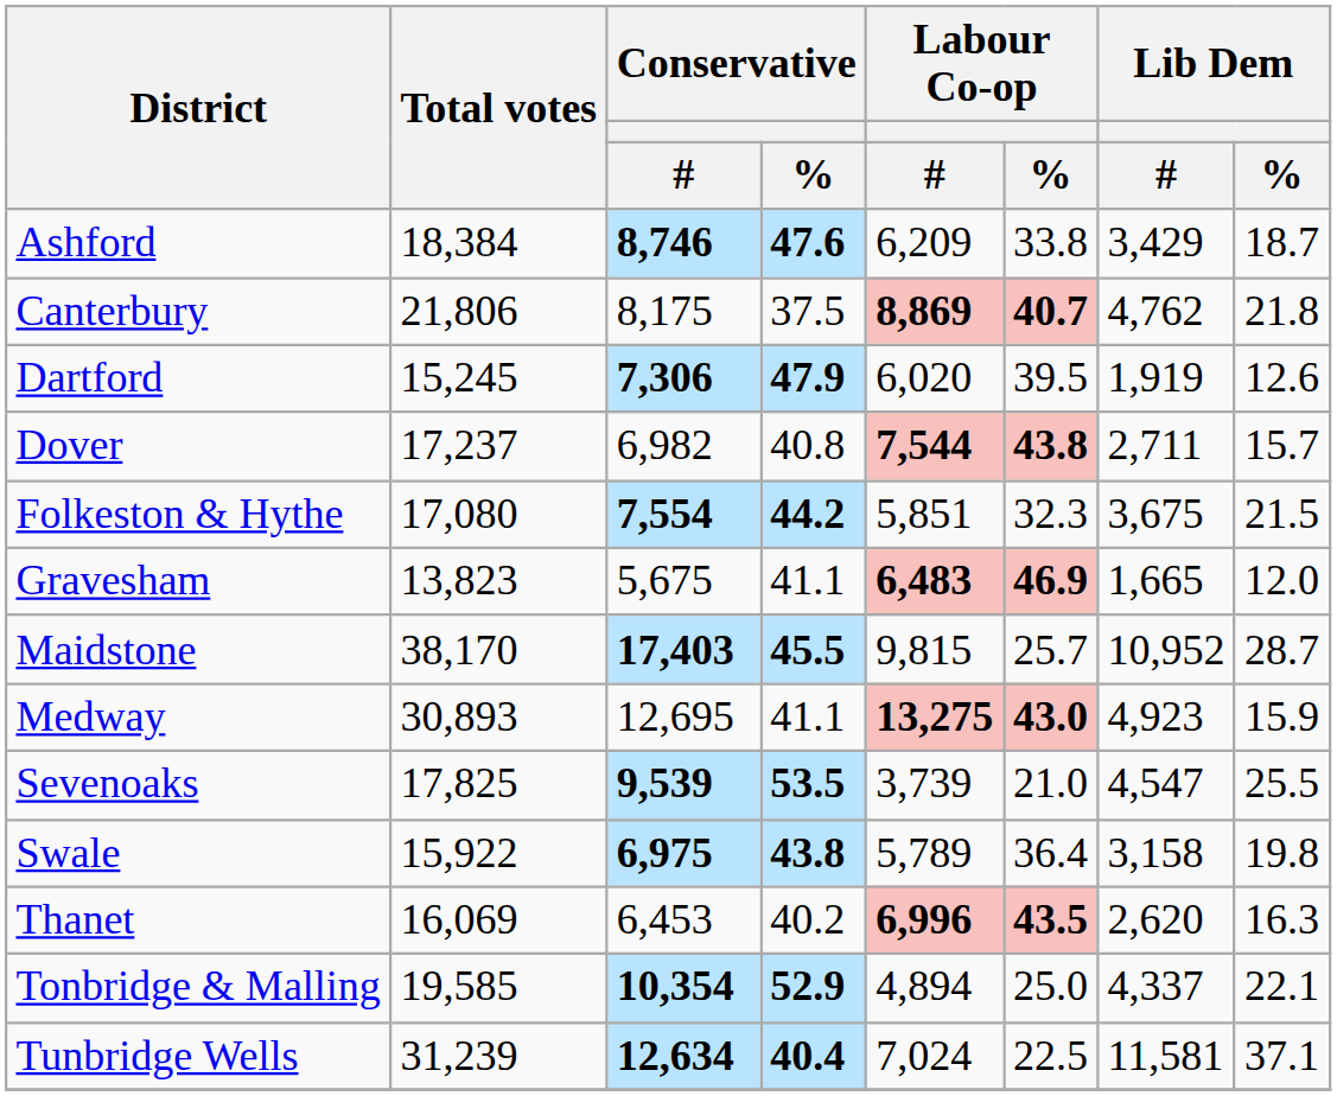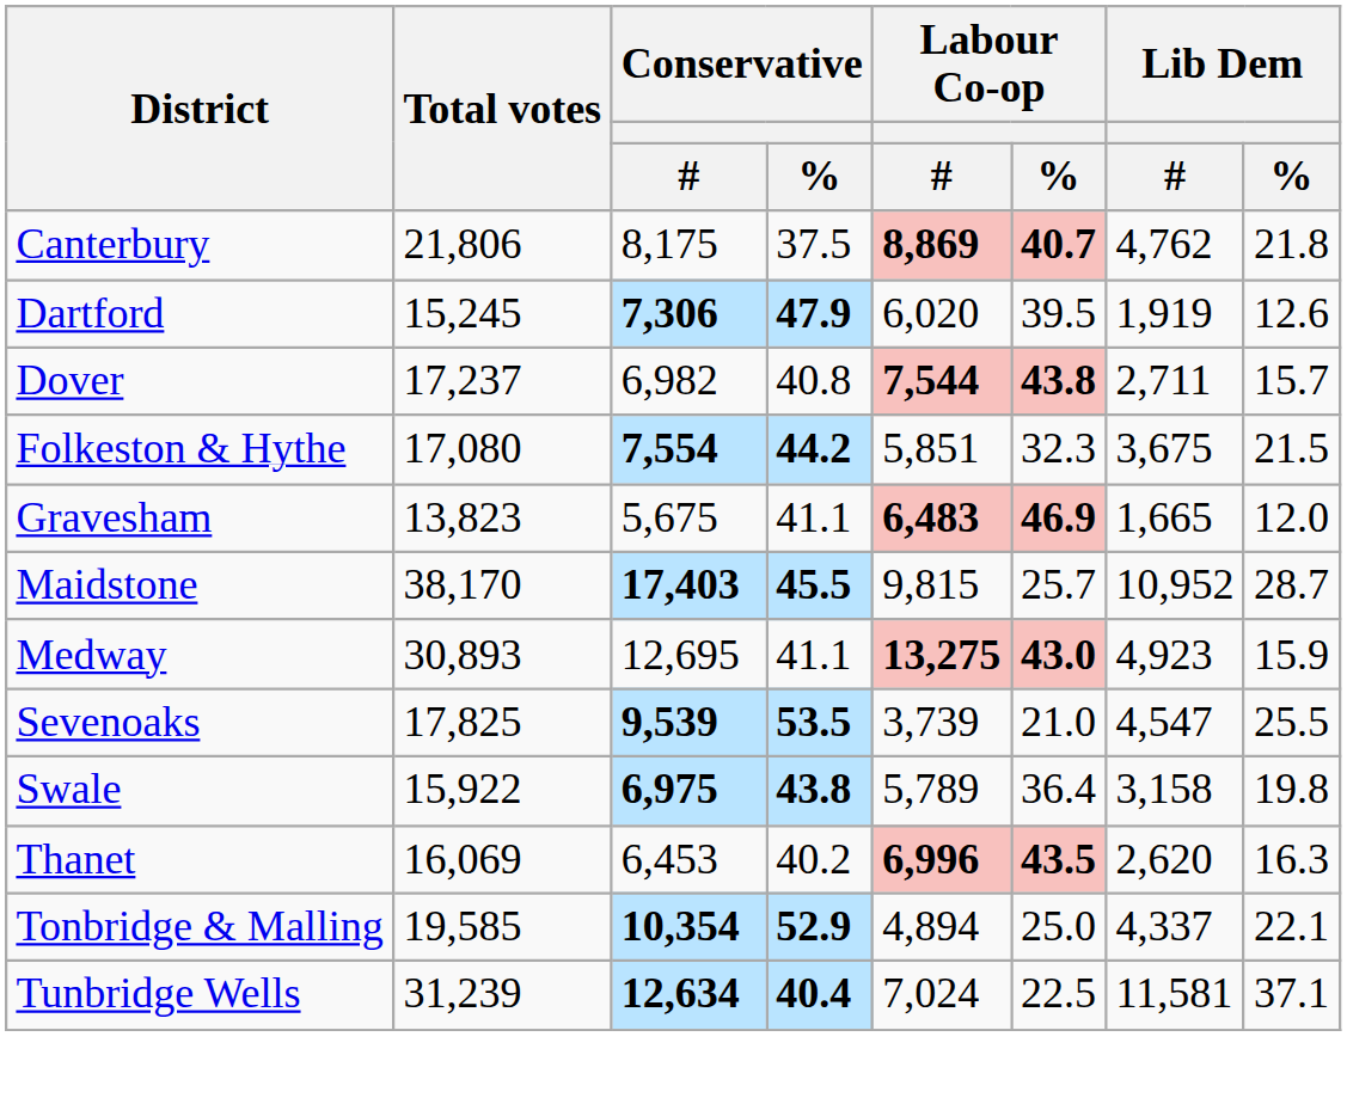 <table class="wikitable sortable">
 <tr>
 <th rowspan=3>District</th>
 <th rowspan=3>Total votes</th>
 <th colspan="2">Conservative</th>
 <th colspan="2">Labour<br>Co-op</th>
 <th colspan="2">Lib Dem</th>
 </tr>
 <tr>
 <th colspan="2" style="background:"></th>
 <th colspan="2" style="background:"></th>
 <th colspan="2" style="background:"></th>
 </tr>
 <tr>
 <th>#</th>
 <th>%</th>
 <th>#</th>
 <th>%</th>
 <th>#</th>
 <th>%</th>
-</tr>
-<tr>
-<td><a href='#'>Ashford</a></td>
-<td>18,384</td>
-<td style="background:#B9E4FF;"><strong>8,746</strong></td>
-<td style="background:#B9E4FF;"><strong>47.6</strong></td>
-<td>6,209</td>
-<td>33.8</td>
-<td>3,429</td>
-<td>18.7</td>
 </tr>
 <tr>
 <td><a href='#'>Canterbury</a></td>
 <td>21,806</td>
 <td>8,175</td>
 <td>37.5</td>
 <td style="background:#F8C1BE;"><strong>8,869</strong></td>
 <td style="background:#F8C1BE;"><strong>40.7</strong></td>
 <td>4,762</td>
 <td>21.8</td>
 </tr>
 <tr>
 <td><a href='#'>Dartford</a></td>
 <td>15,245</td>
 <td style="background:#B9E4FF;"><strong>7,306</strong></td>
 <td style="background:#B9E4FF;"><strong>47.9</strong></td>
 <td>6,020</td>
 <td>39.5</td>
 <td>1,919</td>
 <td>12.6</td>
 </tr>
 <tr>
 <td><a href='#'>Dover</a></td>
 <td>17,237</td>
 <td>6,982</td>
 <td>40.8</td>
 <td style="background:#F8C1BE;"><strong>7,544</strong></td>
 <td style="background:#F8C1BE;"><strong>43.8</strong></td>
 <td>2,711</td>
 <td>15.7</td>
 </tr>
 <tr>
 <td><a href='#'>Folkeston & Hythe</a></td>
 <td>17,080</td>
 <td style="background:#B9E4FF;"><strong>7,554</strong></td>
 <td style="background:#B9E4FF;"><strong>44.2</strong></td>
 <td>5,851</td>
 <td>32.3</td>
 <td>3,675</td>
 <td>21.5</td>
 </tr>
 <tr>
 <td><a href='#'>Gravesham</a></td>
 <td>13,823</td>
 <td>5,675</td>
 <td>41.1</td>
 <td style="background:#F8C1BE;"><strong>6,483</strong></td>
 <td style="background:#F8C1BE;"><strong>46.9</strong></td>
 <td>1,665</td>
 <td>12.0</td>
 </tr>
 <tr>
 <td><a href='#'>Maidstone</a></td>
 <td>38,170</td>
 <td style="background:#B9E4FF;"><strong>17,403</strong></td>
 <td style="background:#B9E4FF;"><strong>45.5</strong></td>
 <td>9,815</td>
 <td>25.7</td>
 <td>10,952</td>
 <td>28.7</td>
 </tr>
 <tr>
 <td><a href='#'>Medway</a></td>
 <td>30,893</td>
 <td>12,695</td>
 <td>41.1</td>
 <td style="background:#F8C1BE;"><strong>13,275</strong></td>
 <td style="background:#F8C1BE;"><strong>43.0</strong></td>
 <td>4,923</td>
 <td>15.9</td>
 </tr>
 <tr>
 <td><a href='#'>Sevenoaks</a></td>
 <td>17,825</td>
 <td style="background:#B9E4FF;"><strong>9,539</strong></td>
 <td style="background:#B9E4FF;"><strong>53.5</strong></td>
 <td>3,739</td>
 <td>21.0</td>
 <td>4,547</td>
 <td>25.5</td>
 </tr>
 <tr>
 <td><a href='#'>Swale</a></td>
 <td>15,922</td>
 <td style="background:#B9E4FF;"><strong>6,975</strong></td>
 <td style="background:#B9E4FF;"><strong>43.8</strong></td>
 <td>5,789</td>
 <td>36.4</td>
 <td>3,158</td>
 <td>19.8</td>
 </tr>
 <tr>
 <td><a href='#'>Thanet</a></td>
 <td>16,069</td>
 <td>6,453</td>
 <td>40.2</td>
 <td style="background:#F8C1BE;"><strong>6,996</strong></td>
 <td style="background:#F8C1BE;"><strong>43.5</strong></td>
 <td>2,620</td>
 <td>16.3</td>
 </tr>
 <tr>
 <td><a href='#'>Tonbridge & Malling</a></td>
 <td>19,585</td>
 <td style="background:#B9E4FF;"><strong>10,354</strong></td>
 <td style="background:#B9E4FF;"><strong>52.9</strong></td>
 <td>4,894</td>
 <td>25.0</td>
 <td>4,337</td>
 <td>22.1</td>
 </tr>
 <tr>
 <td><a href='#'>Tunbridge Wells</a></td>
 <td>31,239</td>
 <td style="background:#B9E4FF;"><strong>12,634</strong></td>
 <td style="background:#B9E4FF;"><strong>40.4</strong></td>
 <td>7,024</td>
 <td>22.5</td>
 <td>11,581</td>
 <td>37.1</td>
 </tr>
 <tr>
 </tr>
 </table>
